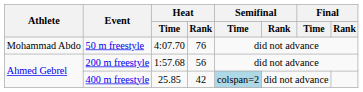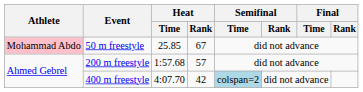 <table class=wikitable style="font-size:90%">
 <tr>
 <th rowspan="2">Athlete</th>
 <th rowspan="2">Event</th>
 <th colspan="2">Heat</th>
 <th colspan="2">Semifinal</th>
 <th colspan="2">Final</th>
 </tr>
 <tr style="font-size:95%">
 <th>Time</th>
 <th>Rank</th>
 <th>Time</th>
 <th>Rank</th>
 <th>Time</th>
 <th>Rank</th>
 </tr>
 <tr align=center>
-<td align=left>Mohammad Abdo</td>
+<td align=left style="background: pink;">Mohammad Abdo</td>
 <td align=left><a href='#'>50 m freestyle</a></td>
-<td>4:07.70</td>
-<td>76</td>
+<td>25.85</td>
+<td>67</td>
 <td colspan=4>did not advance</td>
 </tr>
 <tr align=center>
 <td align=left rowspan=2><a href='#'>Ahmed Gebrel</a></td>
 <td align=left><a href='#'>200 m freestyle</a></td>
 <td>1:57.68</td>
-<td>56</td>
+<td>57</td>
 <td colspan=4>did not advance</td>
 </tr>
 <tr align=center>
 <td align=left><a href='#'>400 m freestyle</a></td>
-<td>25.85</td>
+<td>4:07.70</td>
 <td>42</td>
 <td style="background: lightblue;">colspan=2 </td>
 <td colspan=2>did not advance</td>
 </tr>
 </table>
